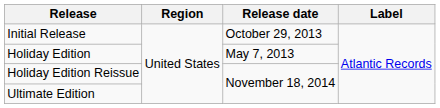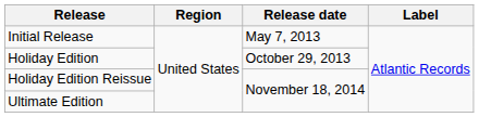 <table class="wikitable">
 <tr>
 <th>Release</th>
 <th>Region</th>
 <th>Release date</th>
 <th>Label</th>
 </tr>
 <tr>
 <td>Initial Release</td>
 <td rowspan="4">United States</td>
-<td>October 29, 2013</td>
+<td>May 7, 2013</td>
 <td rowspan="4"><a href='#'>Atlantic Records</a></td>
 </tr>
 <tr>
 <td>Holiday Edition</td>
-<td>May 7, 2013</td>
+<td>October 29, 2013</td>
 </tr>
 <tr>
 <td>Holiday Edition Reissue</td>
 <td rowspan="2">November 18, 2014</td>
 </tr>
 <tr>
 <td>Ultimate Edition</td>
 </tr>
 </table>
